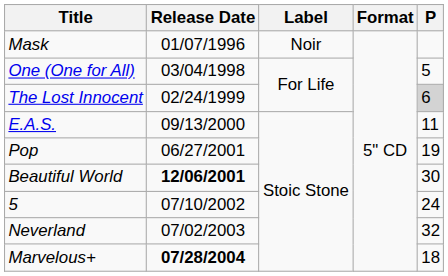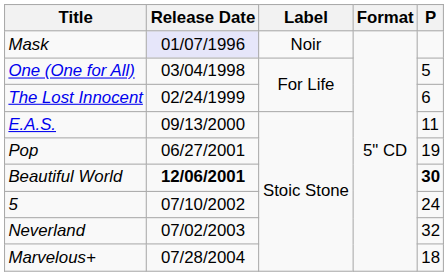 <table class="wikitable">
 <tr>
 <th>Title</th>
 <th>Release Date</th>
 <th>Label</th>
 <th>Format</th>
 <th>P</th>
 </tr>
 <tr>
 <td><em>Mask</em></td>
-<td style="text-align:center">01/07/1996</td>
+<td style="background: lavender; text-align:center">01/07/1996</td>
 <td style="text-align:center">Noir</td>
 <td rowspan="9" style="text-align:center">5" CD</td>
 </tr>
 <tr>
 <td><em><a href='#'>One (One for All)</a></em></td>
 <td style="text-align:center">03/04/1998</td>
 <td rowspan="2" style="text-align:center">For Life</td>
 <td>5</td>
 </tr>
 <tr>
 <td><em><a href='#'>The Lost Innocent</a></em></td>
 <td style="text-align:center">02/24/1999</td>
-<td style="background: lightgrey;">6</td>
+<td>6</td>
 </tr>
 <tr>
 <td><em><a href='#'>E.A.S.</a></em></td>
 <td style="text-align:center">09/13/2000</td>
 <td rowspan="6" style="text-align:center">Stoic Stone</td>
 <td>11</td>
 </tr>
 <tr>
 <td><em>Pop</em></td>
 <td style="text-align:center">06/27/2001</td>
 <td>19</td>
 </tr>
 <tr>
 <td><em>Beautiful World</em></td>
 <td style="text-align:center"><strong>12/06/2001</strong></td>
-<td>30</td>
+<td><strong>30</strong></td>
 </tr>
 <tr>
 <td><em>5</em></td>
 <td style="text-align:center">07/10/2002</td>
 <td>24</td>
 </tr>
 <tr>
 <td><em>Neverland</em></td>
 <td style="text-align:center">07/02/2003</td>
 <td>32</td>
 </tr>
 <tr>
 <td><em>Marvelous+</em></td>
-<td style="text-align:center"><strong>07/28/2004</strong></td>
+<td style="text-align:center">07/28/2004</td>
 <td>18</td>
 </tr>
 </table>
